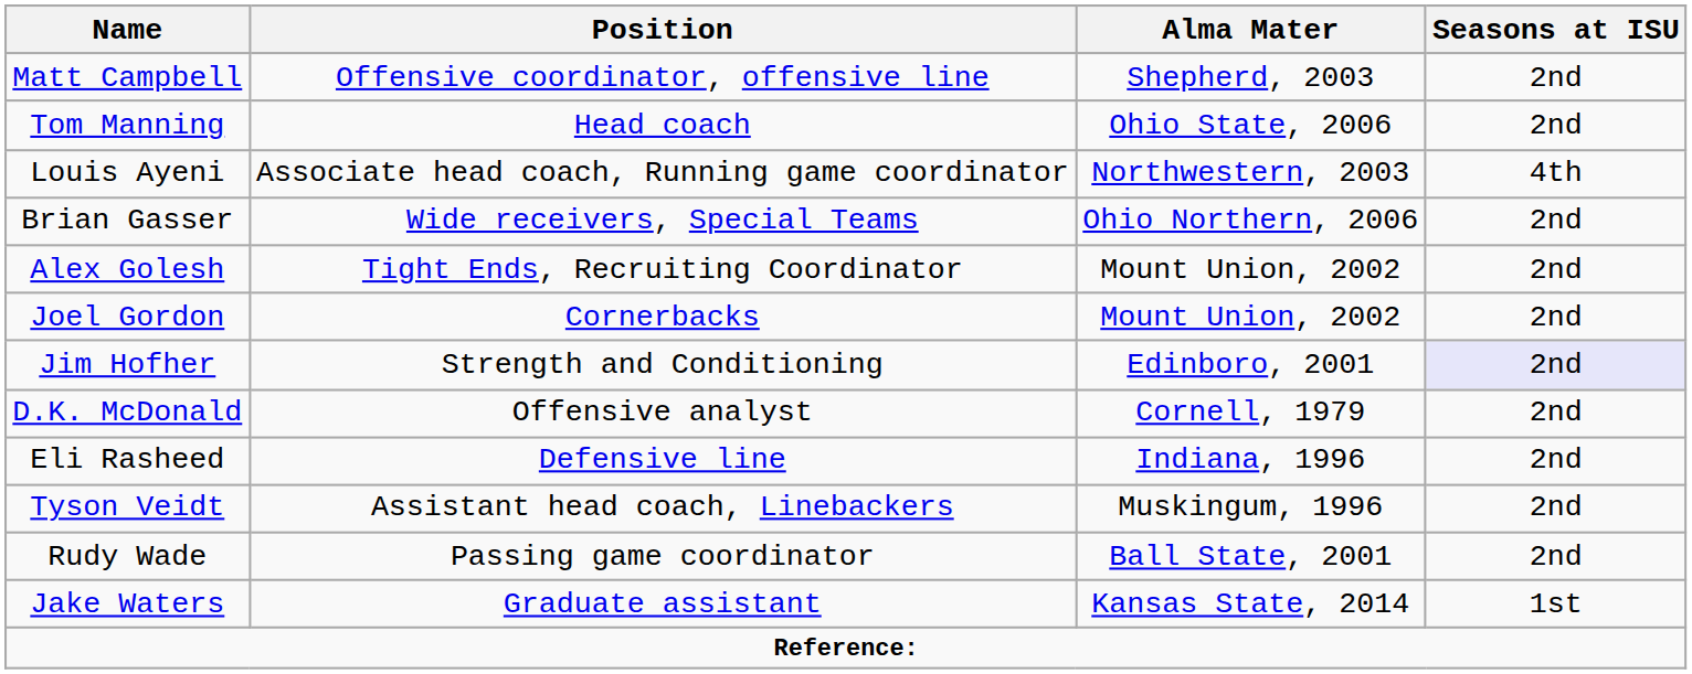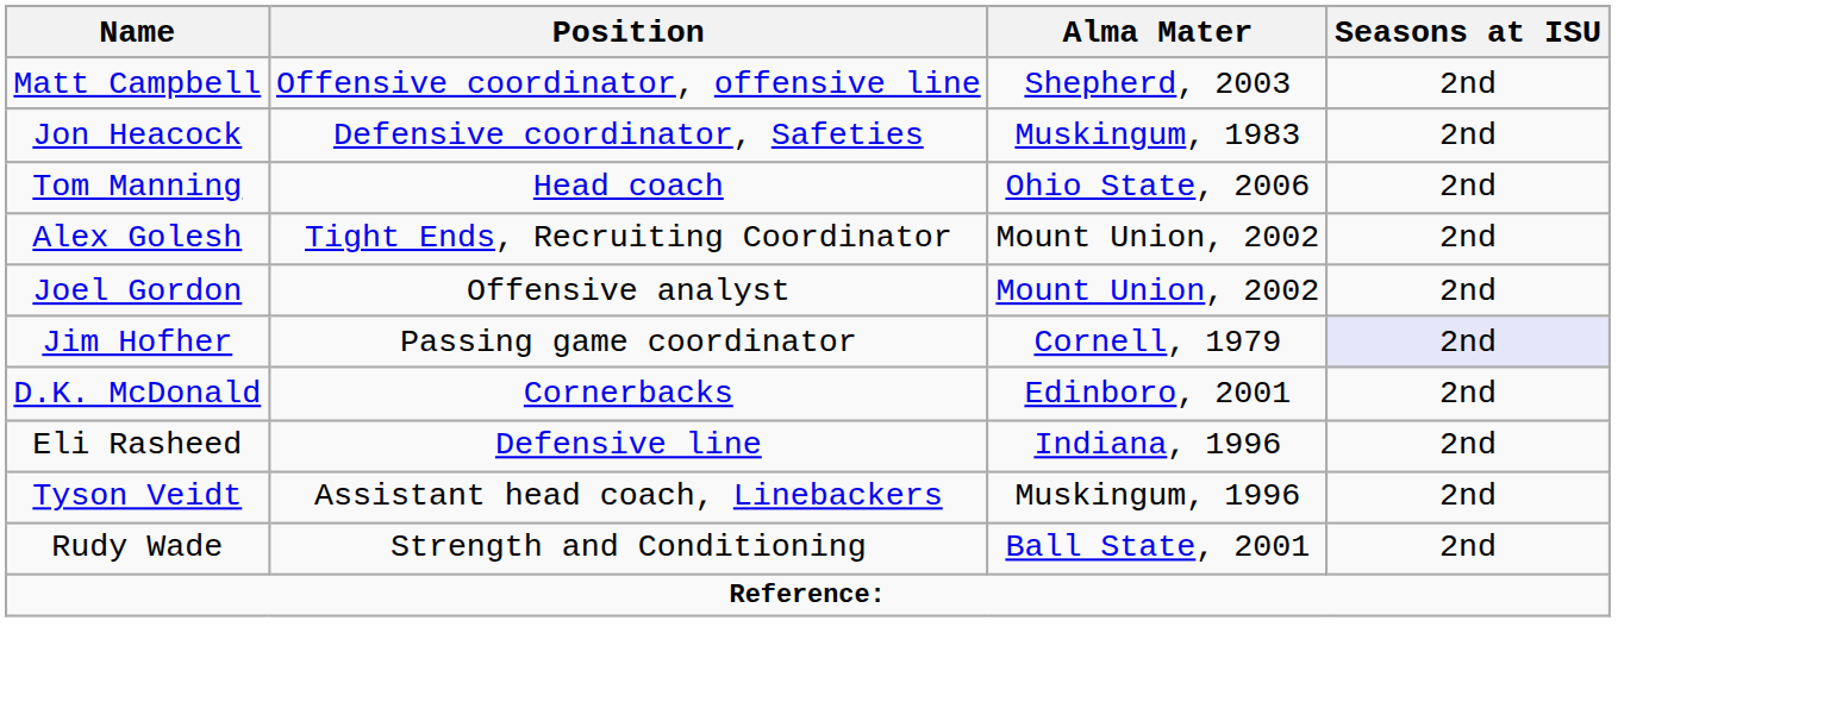 <table class="wikitable" style="text-align: center">
 <tr align=center>
 <th>Name</th>
 <th>Position</th>
 <th>Alma Mater</th>
 <th>Seasons at ISU</th>
 </tr>
 <tr>
 <td><a href='#'>Matt Campbell</a></td>
 <td><a href='#'>Offensive coordinator</a>, <a href='#'>offensive line</a></td>
 <td><a href='#'>Shepherd</a>, 2003</td>
 <td align=center>2nd</td>
 </tr>
 <tr>
+<td><a href='#'>Jon Heacock</a></td>
+<td><a href='#'>Defensive coordinator</a>, <a href='#'>Safeties</a></td>
+<td><a href='#'>Muskingum</a>, 1983</td>
+<td align=center>2nd</td>
+</tr>
+<tr>
 <td><a href='#'>Tom Manning</a></td>
 <td><a href='#'>Head coach</a></td>
 <td><a href='#'>Ohio State</a>, 2006</td>
-<td align=center>2nd</td>
-</tr>
-<tr>
-<td>Louis Ayeni</td>
-<td>Associate head coach, Running game coordinator</td>
-<td><a href='#'>Northwestern</a>, 2003</td>
-<td align=center>4th</td>
-</tr>
-<tr>
-<td>Brian Gasser</td>
-<td><a href='#'>Wide receivers</a>, <a href='#'>Special Teams</a></td>
-<td><a href='#'>Ohio Northern</a>, 2006</td>
 <td align=center>2nd</td>
 </tr>
 <tr>
 <td><a href='#'>Alex Golesh</a></td>
 <td><a href='#'>Tight Ends</a>, Recruiting Coordinator</td>
 <td>Mount Union, 2002</td>
 <td align=center>2nd</td>
 </tr>
 <tr>
 <td><a href='#'>Joel Gordon</a></td>
-<td><a href='#'>Cornerbacks</a></td>
+<td>Offensive analyst</td>
 <td><a href='#'>Mount Union</a>, 2002</td>
 <td align=center>2nd</td>
 </tr>
 <tr>
 <td><a href='#'>Jim Hofher</a></td>
-<td>Strength and Conditioning</td>
-<td><a href='#'>Edinboro</a>, 2001</td>
+<td>Passing game coordinator</td>
+<td><a href='#'>Cornell</a>, 1979</td>
 <td align=center style="background: lavender;">2nd</td>
 </tr>
 <tr>
 <td><a href='#'>D.K. McDonald</a></td>
-<td>Offensive analyst</td>
-<td><a href='#'>Cornell</a>, 1979</td>
+<td><a href='#'>Cornerbacks</a></td>
+<td><a href='#'>Edinboro</a>, 2001</td>
 <td align=center>2nd</td>
 </tr>
 <tr>
 <td>Eli Rasheed</td>
 <td><a href='#'>Defensive line</a></td>
 <td><a href='#'>Indiana</a>, 1996</td>
 <td align=center>2nd</td>
 </tr>
 <tr>
 <td><a href='#'>Tyson Veidt</a></td>
 <td>Assistant head coach, <a href='#'>Linebackers</a></td>
 <td>Muskingum, 1996</td>
 <td align=center>2nd</td>
 </tr>
 <tr>
 <td>Rudy Wade</td>
-<td>Passing game coordinator</td>
+<td>Strength and Conditioning</td>
 <td><a href='#'>Ball State</a>, 2001</td>
 <td align=center>2nd</td>
-</tr>
-<tr>
-<td><a href='#'>Jake Waters</a></td>
-<td><a href='#'>Graduate assistant</a></td>
-<td><a href='#'>Kansas State</a>, 2014</td>
-<td align=center>1st</td>
 </tr>
 <tr>
 <td colspan="4"  style="font-size:8pt; text-align:center;"><strong>Reference:</strong></td>
 </tr>
 </table>
